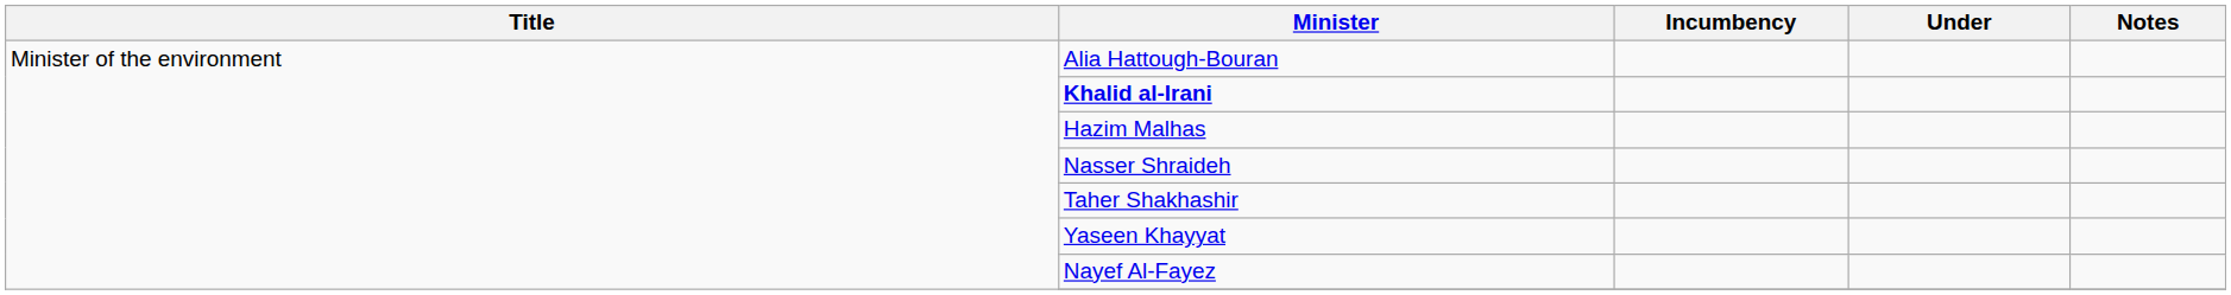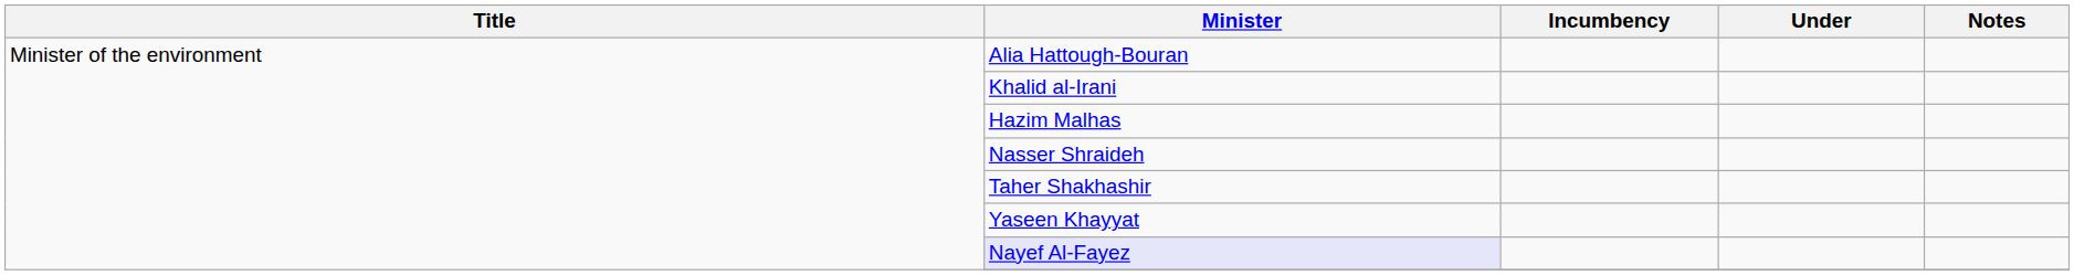 <table class="wikitable" style="width:100%;">
 <tr>
 <th>Title</th>
 <th style="width:25%;"><a href='#'>Minister</a></th>
 <th style="width:160px;">Incumbency</th>
 <th style="width:10%;">Under</th>
 <th style="width:7%;">Notes</th>
 </tr>
 <tr>
 <td rowspan="8" style="vertical-align:top;">Minister of the environment</td>
 <td><a href='#'>Alia Hattough-Bouran</a></td>
 <td></td>
 <td></td>
 <td></td>
 </tr>
 <tr>
-<td><strong><a href='#'>Khalid al-Irani</a></strong></td>
+<td><a href='#'>Khalid al-Irani</a></td>
 <td></td>
 <td></td>
 <td></td>
 </tr>
 <tr>
 <td><a href='#'>Hazim Malhas</a></td>
 <td></td>
 <td></td>
 <td></td>
 </tr>
 <tr>
 <td><a href='#'>Nasser Shraideh</a></td>
 <td></td>
 <td></td>
 <td></td>
 </tr>
 <tr>
 <td><a href='#'>Taher Shakhashir</a></td>
 <td></td>
 <td></td>
 <td></td>
 </tr>
 <tr>
 <td><a href='#'>Yaseen Khayyat</a></td>
 <td></td>
 <td></td>
 <td></td>
 </tr>
 <tr>
-<td><a href='#'>Nayef Al-Fayez</a></td>
+<td style="background: lavender;"><a href='#'>Nayef Al-Fayez</a></td>
 <td></td>
 <td></td>
 <td></td>
 </tr>
 <tr>
 </tr>
 </table>
